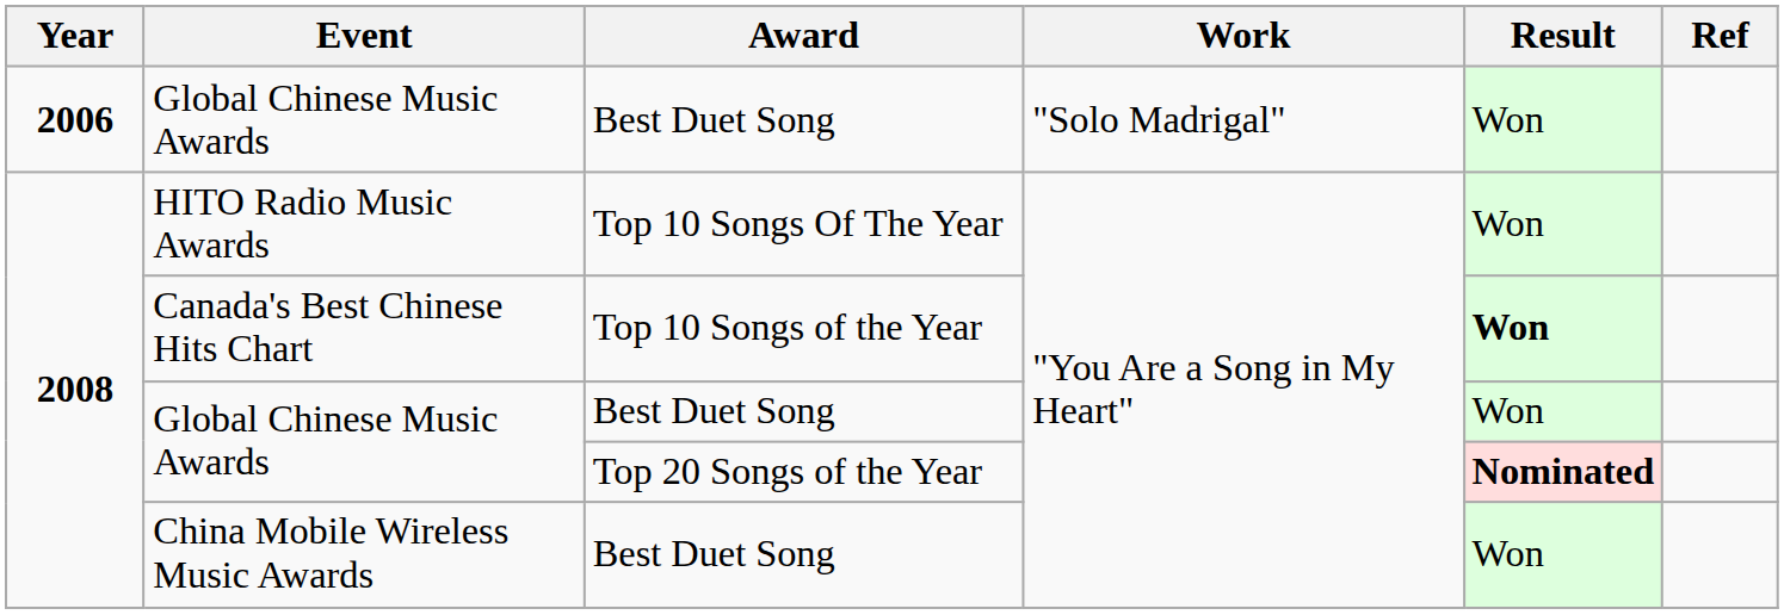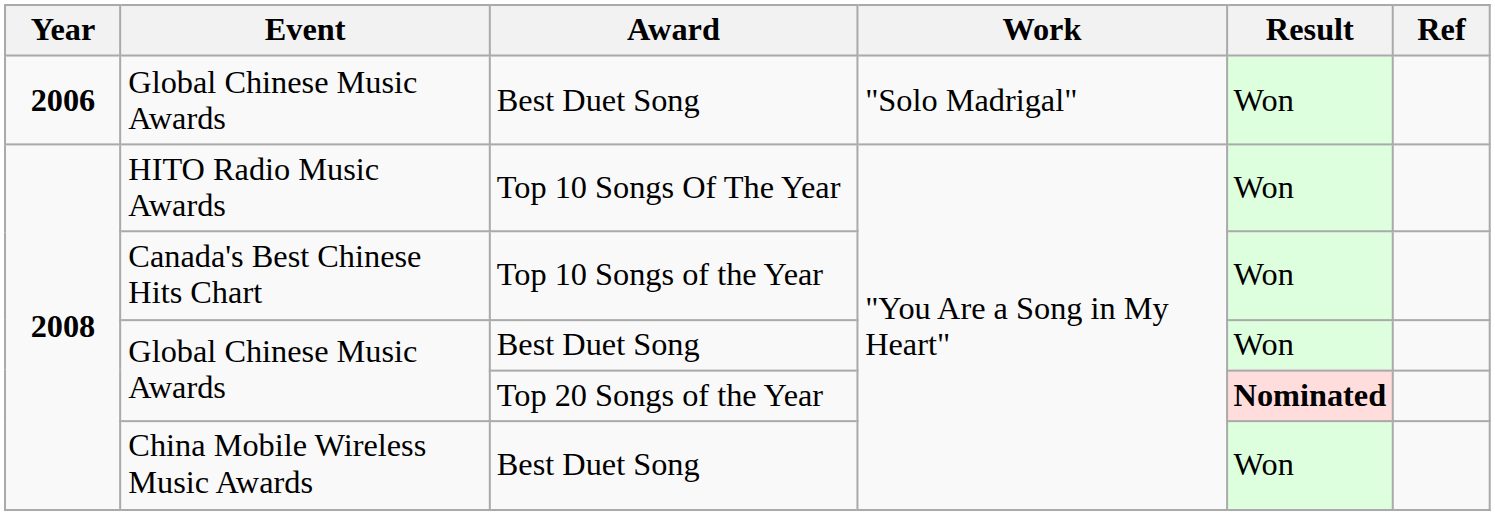 <table class="wikitable">
 <tr>
 <th width="50">Year</th>
 <th width="175">Event</th>
 <th width="175">Award</th>
 <th width="175">Work</th>
 <th width="65">Result</th>
 <th width="40">Ref</th>
 </tr>
 <tr>
 <td align="center"><strong>2006</strong></td>
 <td>Global Chinese Music Awards</td>
 <td>Best Duet Song</td>
 <td><div>"Solo Madrigal"<br></div></td>
 <td style="background: #ddffdd"><div>Won</div></td>
 <td align="center"></td>
 </tr>
 <tr>
 <td rowspan="5" align="center"><strong>2008</strong></td>
 <td>HITO Radio Music Awards</td>
 <td>Top 10 Songs Of The Year</td>
 <td rowspan="5"><div>"You Are a Song in My Heart"<br></div></td>
 <td style="background: #ddffdd"><div>Won</div></td>
 <td align="center"></td>
 </tr>
 <tr>
 <td>Canada's Best Chinese Hits Chart</td>
 <td>Top 10 Songs of the Year</td>
-<td style="background: #ddffdd"><strong><div>Won</div></strong></td>
+<td style="background: #ddffdd"><div>Won</div></td>
 <td align="center"></td>
 </tr>
 <tr>
 <td rowspan="2">Global Chinese Music Awards</td>
 <td>Best Duet Song</td>
 <td style="background: #ddffdd"><div>Won</div></td>
 <td align="center"></td>
 </tr>
 <tr>
 <td>Top 20 Songs of the Year</td>
 <td style="background: #ffdddd"><strong><div>Nominated</div></strong></td>
 <td align="center"></td>
 </tr>
 <tr>
 <td>China Mobile Wireless Music Awards</td>
 <td>Best Duet Song</td>
 <td style="background: #ddffdd"><div>Won</div></td>
 <td align="center"></td>
 </tr>
 </table>
